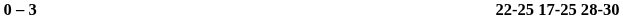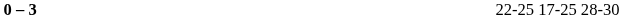 <table width=100% cellspacing=1>
 <tr>
 <th width=20%></th>
 <th width=12%></th>
 <th width=20%></th>
 <th width=33%></th>
 <td></td>
 </tr>
 <tr style=font-size:90%>
 <td align=right></td>
 <td align=center><strong>0 – 3</strong></td>
 <td><strong></strong></td>
-<td><strong>22-25 17-25 28-30</strong></td>
+<td>22-25 17-25 28-30</td>
 </tr>
 </table>
